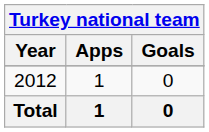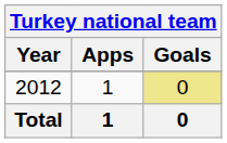 <table class="wikitable" style="text-align:center">
 <tr>
 <th colspan=3><a href='#'>Turkey national team</a></th>
 </tr>
 <tr>
 <th>Year</th>
 <th>Apps</th>
 <th>Goals</th>
 </tr>
 <tr>
 </tr>
 <tr>
 <td>2012</td>
 <td>1</td>
-<td>0</td>
+<td style="background: khaki;">0</td>
 </tr>
 <tr>
 <th>Total</th>
 <th>1</th>
 <th>0</th>
 </tr>
 </table>
